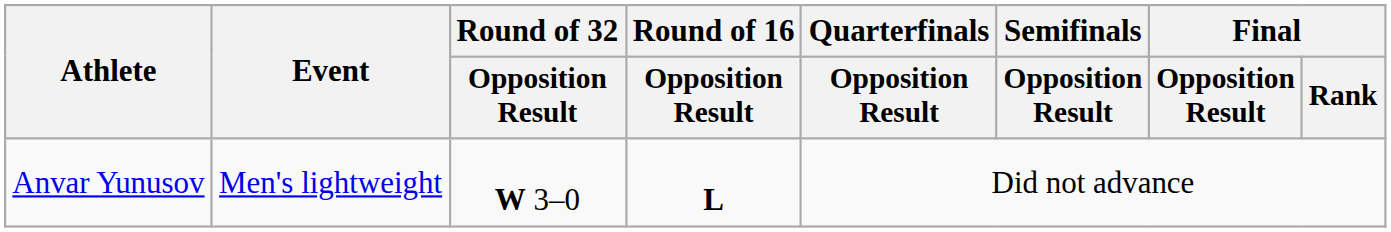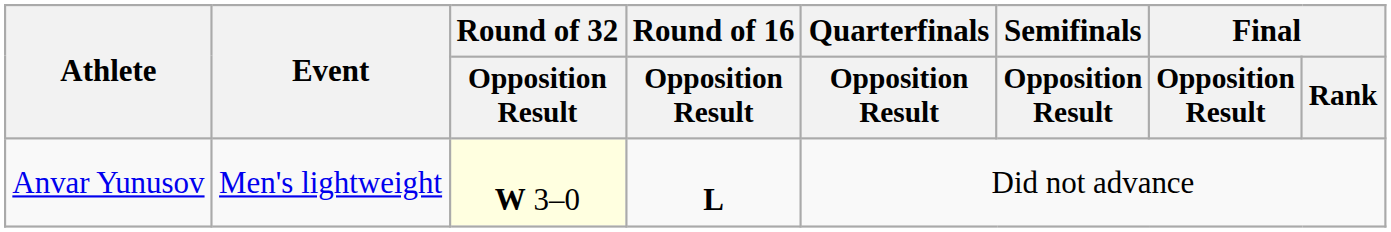 <table class="wikitable" style="font-size:90%">
 <tr>
 <th rowspan="2">Athlete</th>
 <th rowspan="2">Event</th>
 <th>Round of 32</th>
 <th>Round of 16</th>
 <th>Quarterfinals</th>
 <th>Semifinals</th>
 <th colspan=2>Final</th>
 </tr>
 <tr style="font-size:95%">
 <th>Opposition<br>Result</th>
 <th>Opposition<br>Result</th>
 <th>Opposition<br>Result</th>
 <th>Opposition<br>Result</th>
 <th>Opposition<br>Result</th>
 <th>Rank</th>
 </tr>
 <tr align=center>
 <td align=left><a href='#'>Anvar Yunusov</a></td>
 <td align=left><a href='#'>Men's lightweight</a></td>
-<td><br><strong>W</strong> 3–0</td>
+<td style="background: lightyellow;"><br><strong>W</strong> 3–0</td>
 <td><br><strong>L</strong> </td>
 <td colspan=4>Did not advance</td>
 </tr>
 </table>
